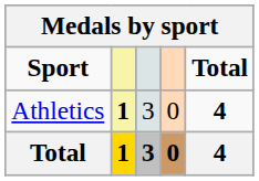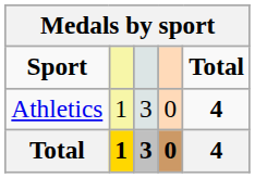 <table class="wikitable" style=font-size:85%;float:center;text-align:center>
 <tr style="background:#efefef;">
 <th colspan=5><strong>Medals by sport</strong></th>
 </tr>
 <tr align=center>
 <td><strong>Sport</strong></td>
 <td bgcolor=#f7f6a8></td>
 <td bgcolor=#dce5e5></td>
 <td bgcolor=#ffdab9></td>
 <td><strong>Total</strong></td>
 </tr>
 <tr align=center>
 <td><a href='#'>Athletics</a></td>
-<td style="background:#F7F6A8;"><strong>1</strong></td>
+<td style="background:#F7F6A8;">1</td>
 <td style="background:#DCE5E5;">3</td>
 <td style="background:#FFDAB9;">0</td>
 <td><strong>4</strong></td>
 </tr>
 <tr align=center>
 <th><strong>Total</strong></th>
 <th style="background:gold;"><strong>1</strong></th>
 <th style="background:silver;"><strong>3</strong></th>
 <th style="background:#c96;"><strong>0</strong></th>
 <th><strong>4</strong></th>
 </tr>
 </table>
